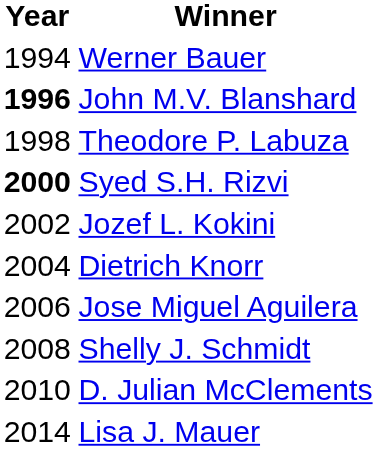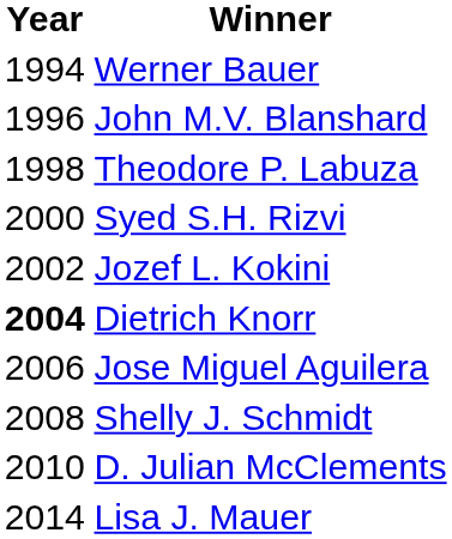 <table>
 <tr>
 <th>Year</th>
 <th>Winner</th>
 </tr>
 <tr>
 <td>1994</td>
 <td><a href='#'>Werner Bauer</a></td>
 </tr>
 <tr>
-<td><strong>1996</strong></td>
+<td>1996</td>
 <td><a href='#'>John M.V. Blanshard</a></td>
 </tr>
 <tr>
 <td>1998</td>
 <td><a href='#'>Theodore P. Labuza</a></td>
 </tr>
 <tr>
-<td><strong>2000</strong></td>
+<td>2000</td>
 <td><a href='#'>Syed S.H. Rizvi</a></td>
 </tr>
 <tr>
 <td>2002</td>
 <td><a href='#'>Jozef L. Kokini</a></td>
 </tr>
 <tr>
-<td>2004</td>
+<td><strong>2004</strong></td>
 <td><a href='#'>Dietrich Knorr</a></td>
 </tr>
 <tr>
 <td>2006</td>
 <td><a href='#'>Jose Miguel Aguilera</a></td>
 </tr>
 <tr>
 <td>2008</td>
 <td><a href='#'>Shelly J. Schmidt</a></td>
 </tr>
 <tr>
 <td>2010</td>
 <td><a href='#'>D. Julian McClements</a></td>
 </tr>
 <tr>
 <td>2014</td>
 <td><a href='#'>Lisa J. Mauer</a></td>
 </tr>
 <tr>
 </tr>
 </table>
